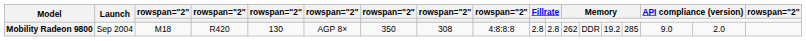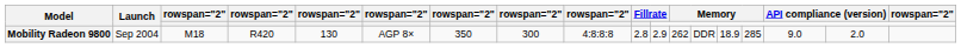 <table class="mw-datatable wikitable sortable" style="font-size: 80%; text-align:center;">
 <tr>
 <th rowspan="2">Model</th>
 <th rowspan="2">Launch</th>
 <th>rowspan="2" </th>
 <th>rowspan="2" </th>
 <th>rowspan="2" </th>
 <th>rowspan="2" </th>
 <th>rowspan="2" </th>
 <th>rowspan="2" </th>
 <th>rowspan="2" </th>
 <th colspan="2"><a href='#'>Fillrate</a></th>
 <th colspan="4">Memory</th>
 <th colspan="2"><a href='#'>API</a> compliance (version)</th>
 <th>rowspan="2" </th>
 </tr>
 <tr>
 <th></th>
 <th></th>
 <th></th>
 <th></th>
 <th></th>
 <th></th>
 <th></th>
 <th></th>
 </tr>
 <tr>
 <th>Mobility Radeon 9800</th>
 <td>Sep 2004</td>
 <td>M18</td>
 <td>R420</td>
 <td>130</td>
 <td>AGP 8×</td>
 <td>350</td>
-<td>308</td>
+<td>300</td>
 <td>4:8:8:8</td>
 <td>2.8</td>
-<td>2.8</td>
+<td>2.9</td>
 <td>262</td>
 <td>DDR</td>
-<td>19.2</td>
+<td>18.9</td>
 <td>285</td>
 <td>9.0</td>
 <td>2.0</td>
 <td></td>
 </tr>
 </table>
